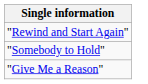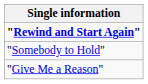 <table class="wikitable">
 <tr>
 <th>Single information</th>
 </tr>
 <tr>
-<td align="left">"<a href='#'>Rewind and Start Again</a>"<br></td>
+<td align="left"><strong>"<a href='#'>Rewind and Start Again</a>"<br></strong></td>
 </tr>
 <tr>
 <td align="left">"<a href='#'>Somebody to Hold</a>"<br></td>
 </tr>
 <tr>
 <td align="left">"<a href='#'>Give Me a Reason</a>"<br></td>
 </tr>
 </table>
